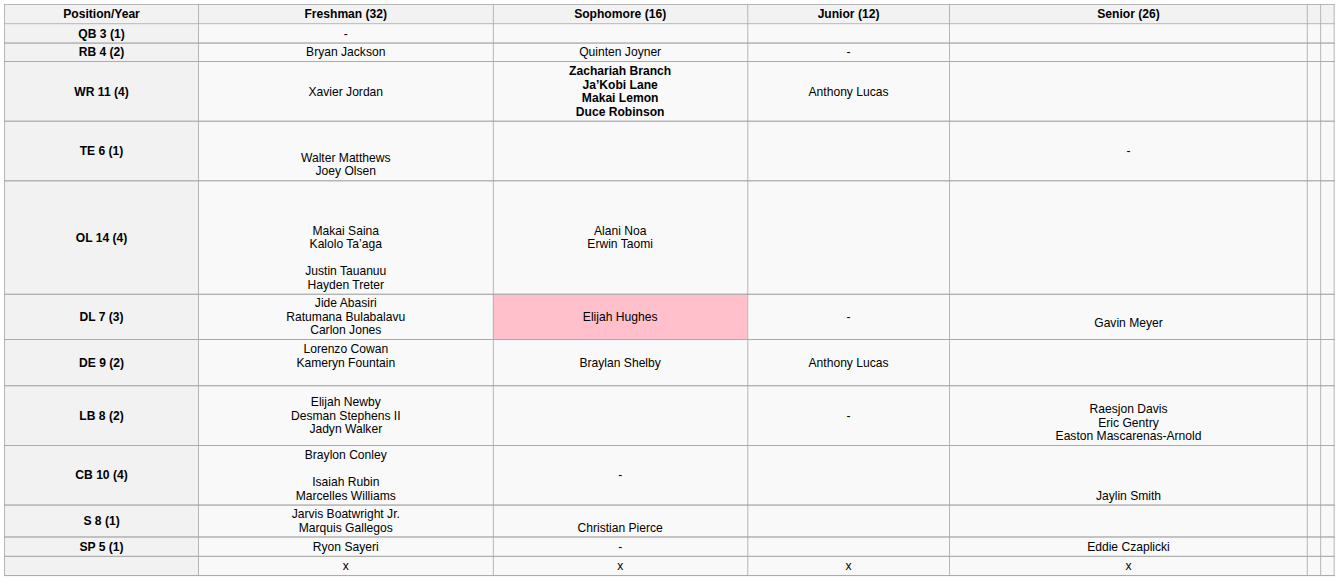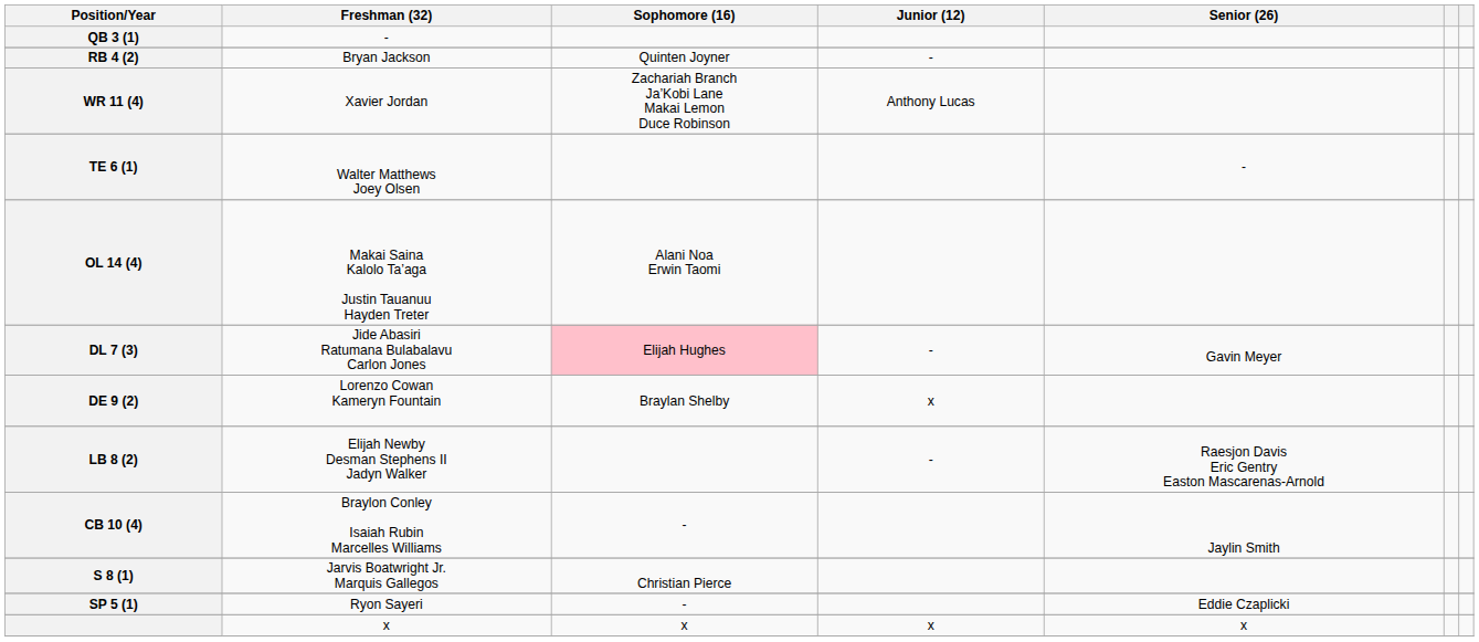 <table class="wikitable collapsible collapsed" style="font-size:90%;" width=100%>
 <tr>
 <th style="text-align:center; ">Position/Year</th>
 <th style="text-align:center; ">Freshman (32)</th>
 <th style="text-align:center; ">Sophomore (16)</th>
 <th style="text-align:center; ">Junior (12)</th>
 <th style="text-align:center; ">Senior (26)</th>
 <th></th>
 <th></th>
 </tr>
 <tr align="center">
 <th style="text-align:center; ">QB 3 (1)</th>
 <td>-</td>
 <td></td>
 <td> <br> </td>
 <td></td>
 <td></td>
 <td></td>
 </tr>
 <tr>
 </tr>
 <tr align="center">
 <th style="text-align:center; ">RB 4 (2)</th>
 <td>Bryan Jackson <br> </td>
 <td>Quinten Joyner</td>
 <td>-</td>
 <td></td>
 <td> <br> </td>
 <td></td>
 </tr>
 <tr>
 </tr>
 <tr align="center">
 <th style="text-align:center; ">WR 11 (4)</th>
 <td>Xavier Jordan</td>
-<td><strong>Zachariah Branch <br> Ja’Kobi Lane <br> Makai Lemon <br> Duce Robinson</strong></td>
+<td>Zachariah Branch <br> Ja’Kobi Lane <br> Makai Lemon <br> Duce Robinson</td>
 <td>Anthony Lucas</td>
 <td> <br>  <br> </td>
 <td> <br>  <br> </td>
 <td></td>
 </tr>
 <tr>
 </tr>
 <tr align="center">
 <th style="text-align:center; ">TE 6 (1)</th>
 <td> <br>  <br> Walter Matthews <br> Joey Olsen</td>
 <td></td>
 <td></td>
 <td>-</td>
 <td></td>
 <td></td>
 </tr>
 <tr>
 </tr>
 <tr align="center">
 <th style="text-align:center; ">OL 14 (4)</th>
 <td> <br>  <br>  <br> Makai Saina <br> Kalolo Ta’aga <br>  <br> Justin Tauanuu <br> Hayden Treter</td>
 <td>Alani Noa <br> Erwin Taomi</td>
 <td></td>
 <td> <br>  <br> </td>
 <td> <br>  <br>  <br> </td>
 <td></td>
 </tr>
 <tr>
 </tr>
 <tr align="center">
 <th style="text-align:center; ">DL 7 (3)</th>
 <td>Jide Abasiri <br> Ratumana Bulabalavu <br> Carlon Jones</td>
 <td style="background: pink;">Elijah Hughes</td>
 <td>-</td>
 <td> <br> Gavin Meyer <br> </td>
 <td> <br>  <br> </td>
 <td></td>
 </tr>
 <tr>
 </tr>
 <tr align="center">
 <th style="text-align:center; ">DE 9 (2)</th>
 <td>Lorenzo Cowan <br> Kameryn Fountain <br>  <br> </td>
 <td>Braylan Shelby <br> </td>
-<td>Anthony Lucas</td>
+<td>x</td>
 <td> <br> </td>
 <td></td>
 <td></td>
 </tr>
 <tr>
 </tr>
 <tr align="center">
 <th style="text-align:center; ">LB 8 (2)</th>
 <td>Elijah Newby <br> Desman Stephens II <br> Jadyn Walker</td>
 <td></td>
 <td>-</td>
 <td> <br> Raesjon Davis <br> Eric Gentry <br> Easton Mascarenas-Arnold</td>
 <td></td>
 <td></td>
 </tr>
 <tr>
 </tr>
 <tr align="center">
 <th style="text-align:center; ">CB 10 (4)</th>
 <td>Braylon Conley <br>  <br> Isaiah Rubin <br> Marcelles Williams</td>
 <td>-</td>
 <td></td>
 <td> <br>  <br>  <br> Jaylin Smith <br> </td>
 <td> <br> </td>
 <td> <br> </td>
 </tr>
 <tr>
 </tr>
 <tr align="center">
 <th style="text-align:center; ">S 8 (1)</th>
 <td>Jarvis Boatwright Jr. <br> Marquis Gallegos</td>
 <td> <br> Christian Pierce <br> </td>
 <td></td>
 <td> <br> </td>
 <td></td>
 <td></td>
 </tr>
 <tr>
 </tr>
 <tr align="center">
 <th style="text-align:center; ">SP 5 (1)</th>
 <td>Ryon Sayeri</td>
 <td>-</td>
 <td> <br> </td>
 <td>Eddie Czaplicki <br> </td>
 <td></td>
 <td></td>
 </tr>
 <tr>
 </tr>
 <tr align="center">
 <th> </th>
 <td>x</td>
 <td>x</td>
 <td>x</td>
 <td>x</td>
 <td> <br> </td>
 <td> <br> </td>
 </tr>
 <tr>
 </tr>
 </table>
